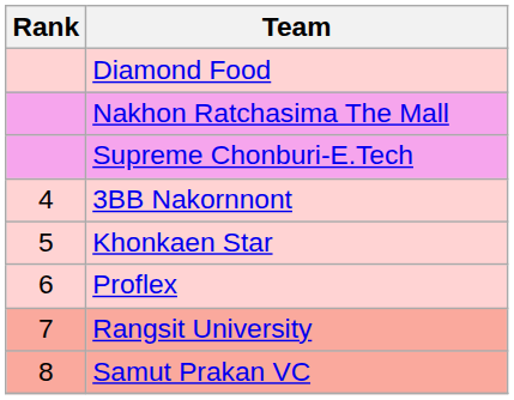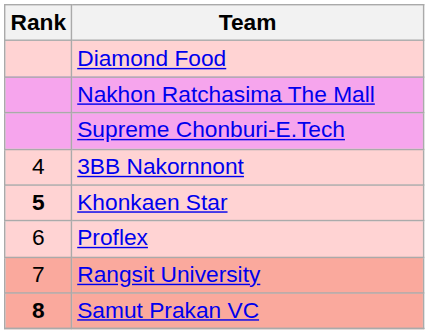 <table class="wikitable" style="text-align: center;">
 <tr>
 <th width=40>Rank</th>
 <th width=240>Team</th>
 </tr>
 <tr bgcolor=FFD3D3>
 <td></td>
 <td align=left><a href='#'>Diamond Food</a></td>
 </tr>
 <tr bgcolor=#F6A5ED>
 <td></td>
 <td align=left><a href='#'>Nakhon Ratchasima The Mall</a></td>
 </tr>
 <tr bgcolor=#F6A5ED>
 <td></td>
 <td align=left><a href='#'>Supreme Chonburi-E.Tech</a></td>
 </tr>
 <tr bgcolor=#FFD3D3>
 <td>4</td>
 <td align=left><a href='#'>3BB Nakornnont</a></td>
 </tr>
 <tr bgcolor=#FFD3D3>
-<td>5</td>
+<td><strong>5</strong></td>
 <td align=left><a href='#'>Khonkaen Star</a></td>
 </tr>
 <tr bgcolor=#FFD3D3>
 <td>6</td>
 <td align=left><a href='#'>Proflex</a></td>
 </tr>
 <tr bgcolor=#FAA99D>
 <td>7</td>
 <td align=left><a href='#'>Rangsit University</a></td>
 </tr>
 <tr bgcolor=#FAA99D>
-<td>8</td>
+<td><strong>8</strong></td>
 <td align=left><a href='#'>Samut Prakan VC</a></td>
 </tr>
 <tr>
 </tr>
 </table>
